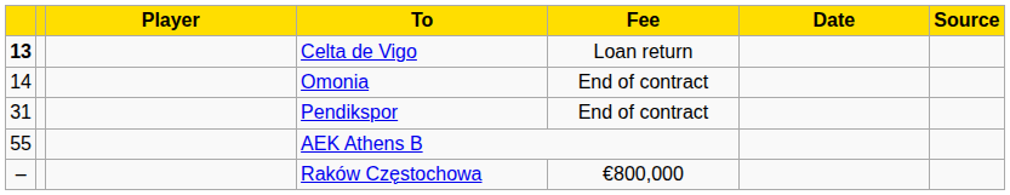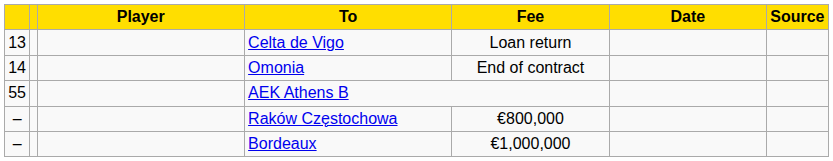 <table class="wikitable sortable">
 <tr>
 <th style="background:#FFDE00"></th>
 <th style="background:#FFDE00"></th>
 <th width=200 style="background:#FFDE00">Player</th>
 <th width=200 style="background:#FFDE00">To</th>
 <th width=150 style="background:#FFDE00">Fee</th>
 <th width=150 style="background:#FFDE00">Date</th>
 <th style="background:#FFDE00">Source</th>
 </tr>
 <tr>
-<td align=center><strong>13</strong></td>
+<td align=center>13</td>
 <td align=center></td>
 <td></td>
 <td> <a href='#'>Celta de Vigo</a></td>
 <td align=center>Loan return</td>
 <td align=center></td>
 <td align=center></td>
 </tr>
 <tr>
 <td align=center>14</td>
 <td align=center></td>
 <td></td>
 <td> <a href='#'>Omonia</a></td>
-<td align=center>End of contract</td>
-<td align=center></td>
-<td align=center></td>
-</tr>
-<tr>
-<td align=center>31</td>
-<td align=center></td>
-<td></td>
-<td> <a href='#'>Pendikspor</a></td>
 <td align=center>End of contract</td>
 <td align=center></td>
 <td align=center></td>
 </tr>
 <tr>
 <td align=center>55</td>
 <td align=center></td>
 <td></td>
 <td colspan=2> <a href='#'>AEK Athens Β</a></td>
 <td align=center></td>
 <td align=center></td>
 </tr>
 <tr>
 <td align=center>–</td>
 <td align=center></td>
 <td></td>
 <td> <a href='#'>Raków Częstochowa</a></td>
 <td align=center>€800,000</td>
 <td align=center></td>
 <td align=center></td>
 </tr>
+<tr>
+<td align=center>–</td>
+<td align=center></td>
+<td></td>
+<td> <a href='#'>Bordeaux</a></td>
+<td align=center>€1,000,000</td>
+<td align=center></td>
+<td align=center></td>
+</tr>
 </table>
